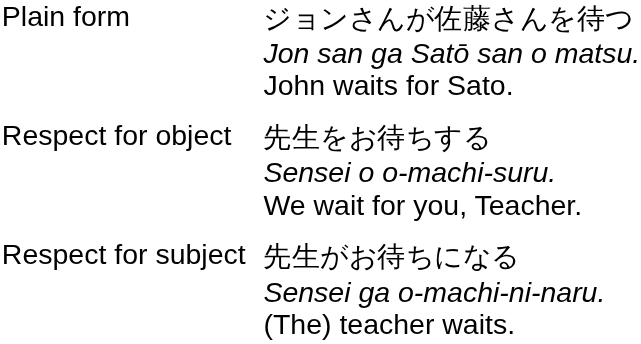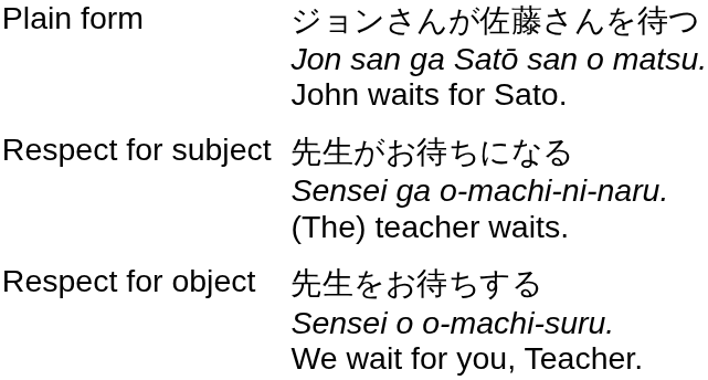 <table cellspacing="0" cellpadding="5" style="margin-left: 2em;" border="0">
 <tr valign="top">
 <td>Plain form</td>
 <td>ジョンさんが佐藤さんを待つ<br><em>Jon san ga Satō san o matsu.</em> <br>John waits for Sato.</td>
 </tr>
 <tr valign="top">
+<td>Respect for subject</td>
+<td>先生がお待ちになる<br><em>Sensei ga o-machi-ni-naru.</em> <br>(The) teacher waits.</td>
+</tr>
+<tr valign="top">
 <td>Respect for object</td>
 <td>先生をお待ちする<br><em>Sensei o o-machi-suru.</em> <br>We wait for you, Teacher.</td>
 </tr>
-<tr valign="top">
-<td>Respect for subject</td>
-<td>先生がお待ちになる<br><em>Sensei ga o-machi-ni-naru.</em> <br>(The) teacher waits.</td>
-</tr>
 </table>
